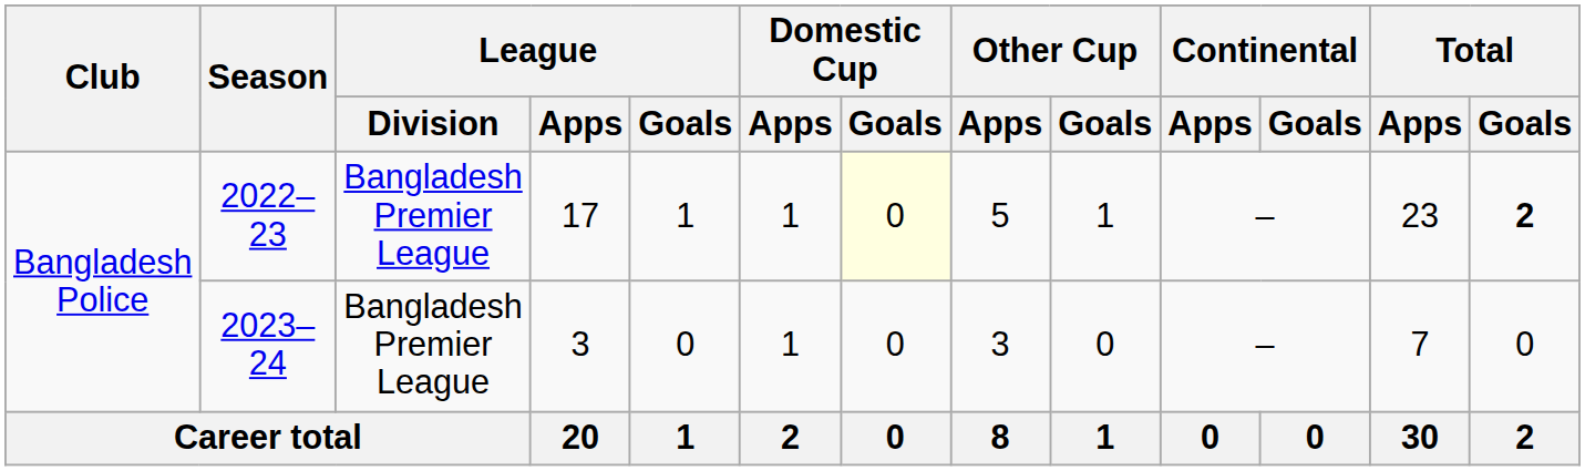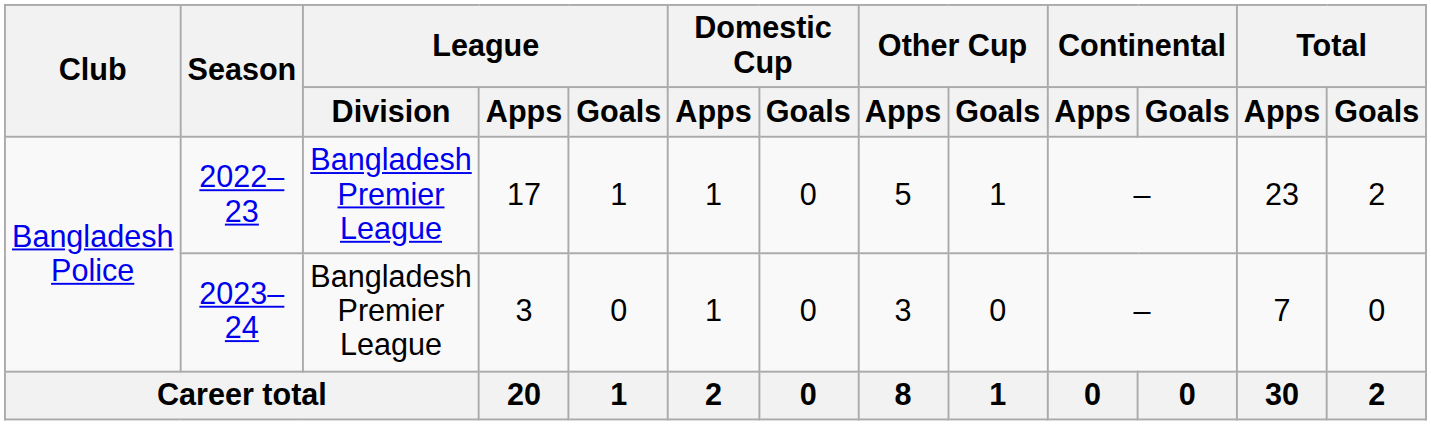 <table class="wikitable" style="text-align:center">
 <tr>
 <th rowspan="2">Club</th>
 <th rowspan="2">Season</th>
 <th colspan="3">League</th>
 <th colspan="2">Domestic Cup</th>
 <th colspan="2">Other Cup</th>
 <th colspan="2">Continental</th>
 <th colspan="2">Total</th>
 </tr>
 <tr>
 <th>Division</th>
 <th>Apps</th>
 <th>Goals</th>
 <th>Apps</th>
 <th>Goals</th>
 <th>Apps</th>
 <th>Goals</th>
 <th>Apps</th>
 <th>Goals</th>
 <th>Apps</th>
 <th>Goals</th>
 </tr>
 <tr>
 <td rowspan=2><a href='#'>Bangladesh Police</a></td>
 <td><a href='#'>2022–23</a></td>
 <td><a href='#'>Bangladesh Premier League</a></td>
 <td>17</td>
 <td>1</td>
 <td>1</td>
-<td style="background: lightyellow;">0</td>
+<td>0</td>
 <td>5</td>
 <td>1</td>
 <td colspan="2">–</td>
 <td>23</td>
-<td><strong>2</strong></td>
+<td>2</td>
 </tr>
 <tr>
 <td><a href='#'>2023–24</a></td>
 <td>Bangladesh Premier League</td>
 <td>3</td>
 <td>0</td>
 <td>1</td>
 <td>0</td>
 <td>3</td>
 <td>0</td>
 <td colspan="2">–</td>
 <td>7</td>
 <td>0</td>
 </tr>
 <tr>
 <th colspan="3">Career total</th>
 <th>20</th>
 <th>1</th>
 <th>2</th>
 <th>0</th>
 <th>8</th>
 <th>1</th>
 <th>0</th>
 <th>0</th>
 <th>30</th>
 <th>2</th>
 </tr>
 </table>
